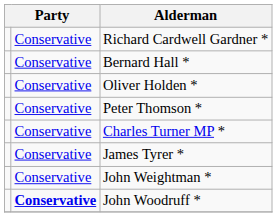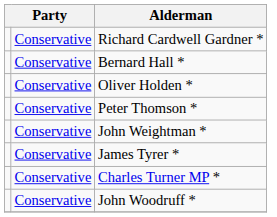 <table class="wikitable">
 <tr>
 <th colspan="2">Party</th>
 <th>Alderman</th>
 </tr>
 <tr>
 <td style="background-color:"></td>
 <td><a href='#'>Conservative</a></td>
 <td>Richard Cardwell Gardner *</td>
 </tr>
 <tr>
 <td style="background-color:"></td>
 <td><a href='#'>Conservative</a></td>
 <td>Bernard Hall *</td>
 </tr>
 <tr>
 <td style="background-color:"></td>
 <td><a href='#'>Conservative</a></td>
 <td>Oliver Holden *</td>
 </tr>
 <tr>
 <td style="background-color:"></td>
 <td><a href='#'>Conservative</a></td>
 <td>Peter Thomson *</td>
 </tr>
 <tr>
 <td style="background-color:"></td>
 <td><a href='#'>Conservative</a></td>
-<td><a href='#'>Charles Turner MP</a> *</td>
+<td>John Weightman *</td>
 </tr>
 <tr>
 <td style="background-color:"></td>
 <td><a href='#'>Conservative</a></td>
 <td>James Tyrer *</td>
 </tr>
 <tr>
 <td style="background-color:"></td>
 <td><a href='#'>Conservative</a></td>
-<td>John Weightman *</td>
+<td><a href='#'>Charles Turner MP</a> *</td>
 </tr>
 <tr>
 <td style="background-color:"></td>
-<td><strong><a href='#'>Conservative</a></strong></td>
+<td><a href='#'>Conservative</a></td>
 <td>John Woodruff *</td>
 </tr>
 <tr>
 </tr>
 </table>
